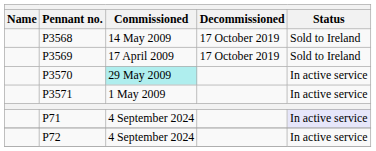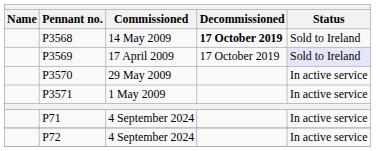 <table class="wikitable">
 <tr>
 <th colspan=5></th>
 </tr>
 <tr>
 <th>Name</th>
 <th>Pennant no.</th>
 <th>Commissioned</th>
 <th>Decommissioned</th>
 <th>Status</th>
 </tr>
 <tr>
 <td></td>
 <td>P3568</td>
 <td>14 May 2009</td>
-<td>17 October 2019</td>
+<td><strong>17 October 2019</strong></td>
 <td>Sold to Ireland</td>
 </tr>
 <tr>
 <td></td>
 <td>P3569</td>
 <td>17 April 2009</td>
 <td>17 October 2019</td>
-<td>Sold to Ireland</td>
+<td style="background: lavender;">Sold to Ireland</td>
 </tr>
 <tr>
 <td></td>
 <td>P3570</td>
-<td style="background: paleturquoise;">29 May 2009</td>
+<td>29 May 2009</td>
 <td></td>
 <td>In active service</td>
 </tr>
 <tr>
 <td></td>
 <td>P3571</td>
 <td>1 May 2009</td>
 <td></td>
 <td>In active service</td>
 </tr>
 <tr>
 <th colspan=5></th>
 </tr>
 <tr>
 <td></td>
 <td>P71</td>
 <td>4 September 2024 </td>
 <td></td>
-<td style="background: lavender;">In active service</td>
+<td>In active service</td>
 </tr>
 <tr>
 </tr>
 <tr>
 <td></td>
 <td>P72</td>
 <td>4 September 2024</td>
 <td></td>
 <td>In active service</td>
 </tr>
 <tr>
 </tr>
 </table>
